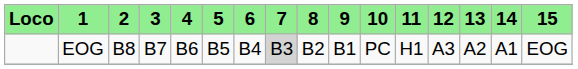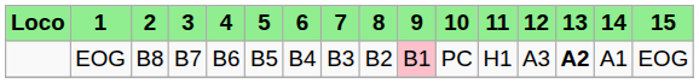 <table class="wikitable plainrowheaders unsortable" style="text-align:center">
 <tr>
 <th scope="col" rowspan="1" style="background:Lightgreen;">Loco</th>
 <th scope="col" rowspan="1" style="background:Lightgreen;">1</th>
 <th scope="col" rowspan="1" style="background:Lightgreen;">2</th>
 <th scope="col" rowspan="1" style="background:Lightgreen;">3</th>
 <th scope="col" rowspan="1" style="background:Lightgreen;">4</th>
 <th scope="col" rowspan="1" style="background:Lightgreen;">5</th>
 <th scope="col" rowspan="1" style="background:Lightgreen;">6</th>
 <th scope="col" rowspan="1" style="background:Lightgreen;">7</th>
 <th scope="col" rowspan="1" style="background:Lightgreen;">8</th>
 <th scope="col" rowspan="1" style="background:Lightgreen;">9</th>
 <th scope="col" rowspan="1" style="background:Lightgreen;">10</th>
 <th scope="col" rowspan="1" style="background:Lightgreen;">11</th>
 <th scope="col" rowspan="1" style="background:Lightgreen;">12</th>
 <th scope="col" rowspan="1" style="background:Lightgreen;">13</th>
 <th scope="col" rowspan="1" style="background:Lightgreen;">14</th>
 <th scope="col" rowspan="1" style="background:Lightgreen;">15</th>
 </tr>
 <tr>
 <td></td>
 <td>EOG</td>
 <td>B8</td>
 <td>B7</td>
 <td>B6</td>
 <td>B5</td>
 <td>B4</td>
-<td style="background: lightgrey;">B3</td>
+<td>B3</td>
 <td>B2</td>
-<td>B1</td>
+<td style="background: pink;">B1</td>
 <td>PC</td>
 <td>H1</td>
 <td>A3</td>
-<td>A2</td>
+<td><strong>A2</strong></td>
 <td>A1</td>
 <td>EOG</td>
 </tr>
 <tr>
 </tr>
 </table>
